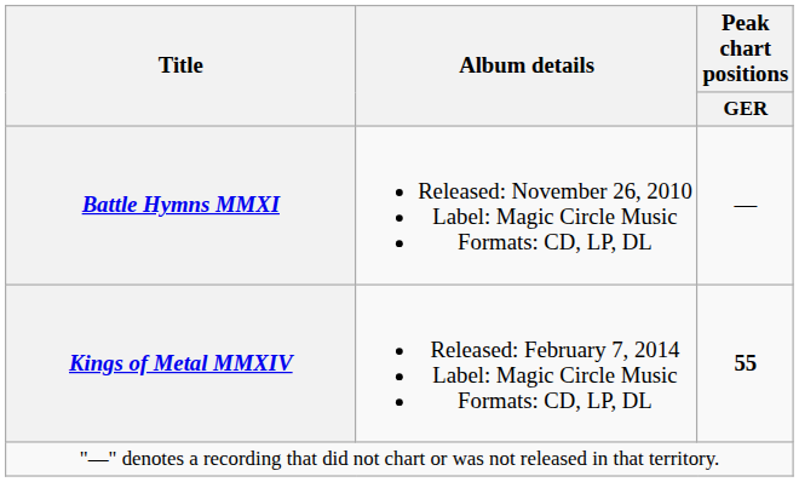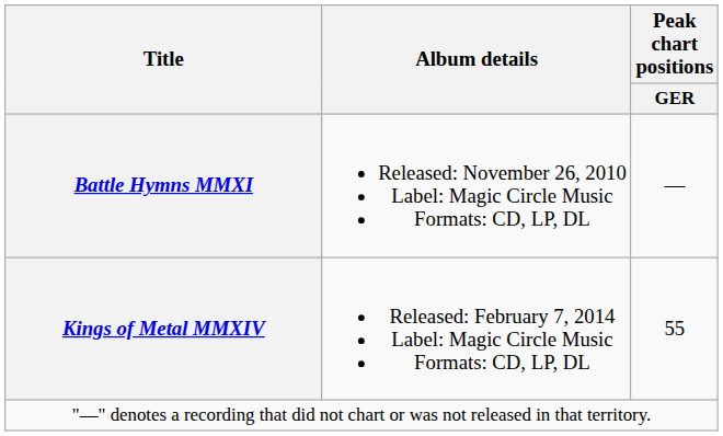 <table class="wikitable plainrowheaders" style="text-align:center;">
 <tr>
 <th scope="col" rowspan="2" style="width:15em;">Title</th>
 <th scope="col" rowspan="2">Album details</th>
 <th scope="col" colspan="1">Peak chart positions</th>
 </tr>
 <tr>
 <th scope="col" style="width:3em;font-size:90%;">GER<br></th>
 </tr>
 <tr>
 <th scope="row"><em><a href='#'>Battle Hymns MMXI</a></em></th>
 <td><br><ul><li>Released: November 26, 2010</li><li>Label: Magic Circle Music</li><li>Formats: CD, LP, DL</li></ul></td>
 <td>—</td>
 </tr>
 <tr>
 <th scope="row"><em><a href='#'>Kings of Metal MMXIV</a></em></th>
 <td><br><ul><li>Released: February 7, 2014</li><li>Label: Magic Circle Music</li><li>Formats: CD, LP, DL</li></ul></td>
-<td><strong>55</strong></td>
+<td>55</td>
 </tr>
 <tr>
 <td colspan="25" style="font-size:90%">"—" denotes a recording that did not chart or was not released in that territory.</td>
 </tr>
 </table>
